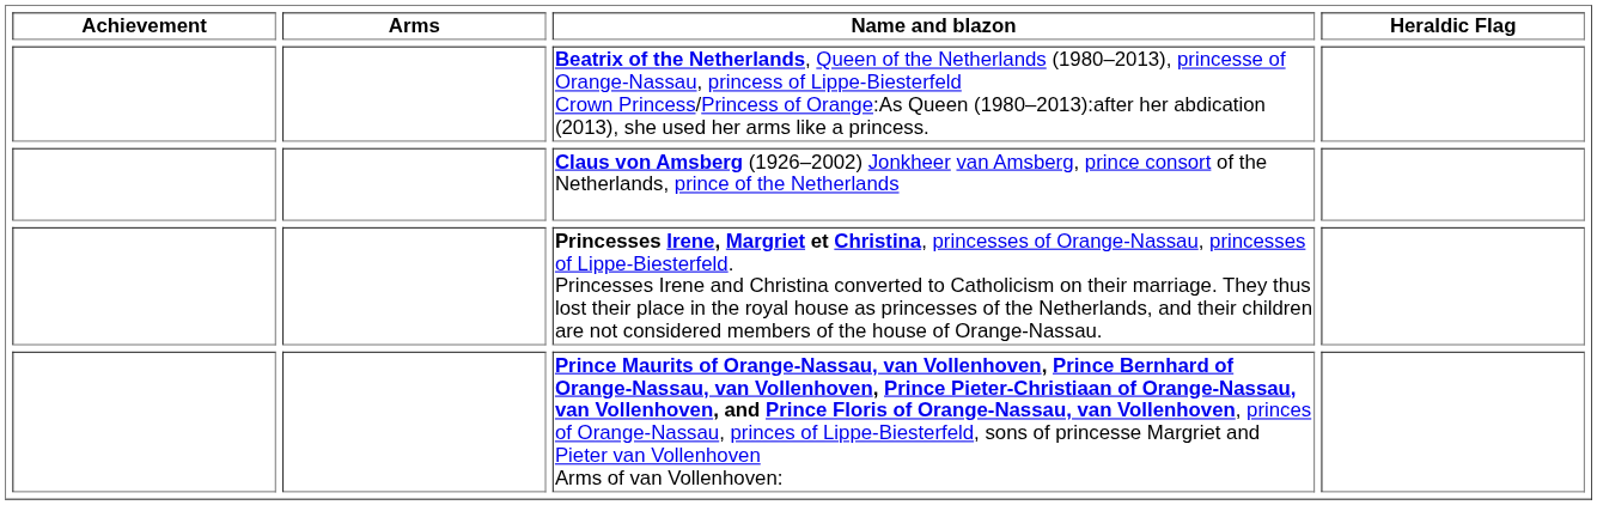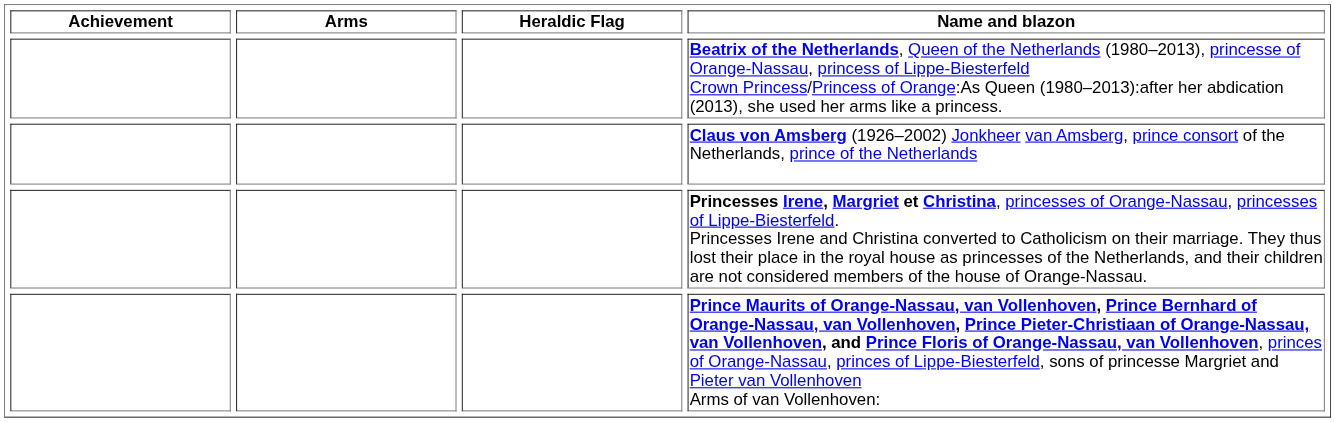 <table border=1 cellspacing=5 width="100%">
 <tr valign=top align=center>
 <td width="206"><strong>Achievement</strong></td>
 <td width="206"><strong>Arms</strong></td>
+<td width="206"><strong>Heraldic Flag</strong></td>
 <td><strong>Name and blazon</strong></td>
-<td width="206"><strong>Heraldic Flag</strong></td>
 </tr>
 <tr valign=top>
 <td align=center><br><br></td>
 <td align=center><br><br>  <br> <br> </td>
+<td align=center><br><br> </td>
 <td><strong><a href='#'>Beatrix of the Netherlands</a></strong>, <a href='#'>Queen of the Netherlands</a> (1980–2013), <a href='#'>princesse of Orange-Nassau</a>, <a href='#'>princess of Lippe-Biesterfeld</a><br><a href='#'>Crown Princess</a>/<a href='#'>Princess of Orange</a>:As Queen (1980–2013):after her abdication (2013), she used her arms like a princess.</td>
-<td align=center><br><br> </td>
 </tr>
 <tr valign=top>
 <td align=center><br><br> <br></td>
 <td align=center><br> <br> <br></td>
+<td align=center><br> <br> </td>
 <td><strong><a href='#'>Claus von Amsberg</a></strong> (1926–2002) <a href='#'>Jonkheer</a> <a href='#'>van Amsberg</a>, <a href='#'>prince consort</a> of the Netherlands, <a href='#'>prince of the Netherlands</a><br></td>
-<td align=center><br> <br> </td>
 </tr>
 <tr valign=top>
 <td align=center><br><br></td>
 <td align=center><br> <br><br><br> <br></td>
+<td align=center><br> <br> <br></td>
 <td><strong>Princesses <a href='#'>Irene</a>, <a href='#'>Margriet</a> et <a href='#'>Christina</a></strong>, <a href='#'>princesses of Orange-Nassau</a>, <a href='#'>princesses of Lippe-Biesterfeld</a>.<br>Princesses Irene and Christina converted to Catholicism on their marriage.  They thus lost their place in the royal house as princesses of the Netherlands, and their children are not considered members of the house of Orange-Nassau.</td>
-<td align=center><br> <br> <br></td>
 </tr>
 <tr valign=top>
 <td align=center><br><br> <br></td>
 <td align=center><br> <br> <br><br> <br></td>
+<td align=center><br> <br><br></td>
 <td><strong><a href='#'>Prince Maurits of Orange-Nassau, van Vollenhoven</a>, <a href='#'>Prince Bernhard of Orange-Nassau, van Vollenhoven</a>, <a href='#'>Prince Pieter-Christiaan of Orange-Nassau, van Vollenhoven</a>, and <a href='#'>Prince Floris of Orange-Nassau, van Vollenhoven</a></strong>, <a href='#'>princes of Orange-Nassau</a>, <a href='#'>princes of Lippe-Biesterfeld</a>, sons of princesse Margriet and <a href='#'>Pieter van Vollenhoven</a><br>Arms of van Vollenhoven: </td>
-<td align=center><br> <br><br></td>
 </tr>
 </table>
